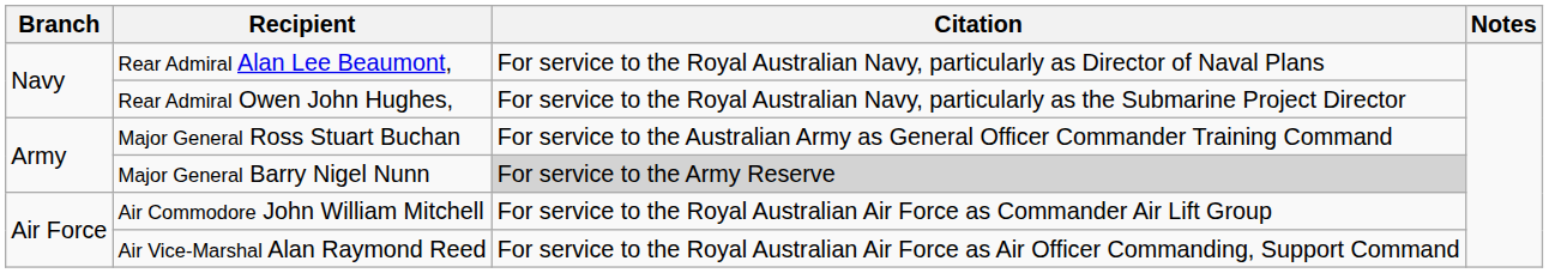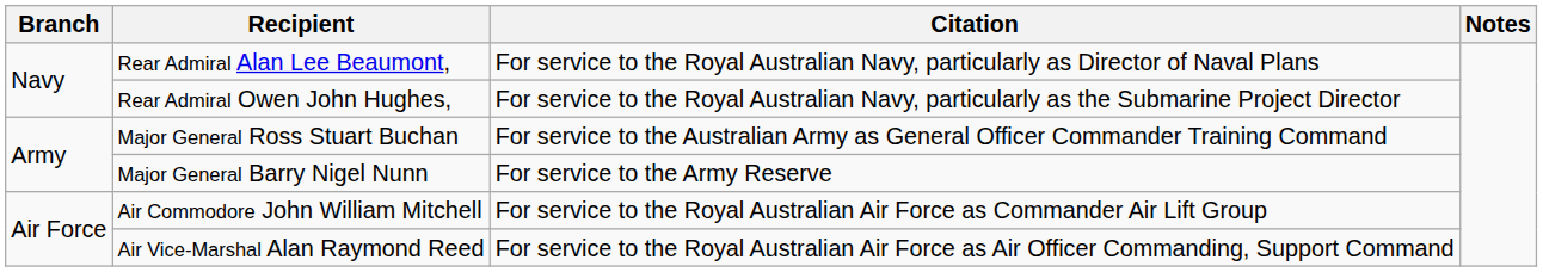 <table class="wikitable" style="font-size:95%;">
 <tr>
 <th>Branch</th>
 <th>Recipient</th>
 <th>Citation</th>
 <th>Notes</th>
 </tr>
 <tr>
 <td rowspan="2">Navy</td>
 <td><small>Rear Admiral</small> <a href='#'>Alan Lee Beaumont</a>, </td>
 <td>For service to the Royal Australian Navy, particularly as Director of Naval Plans</td>
 <td rowspan="6"></td>
 </tr>
 <tr>
 <td><small>Rear Admiral</small> Owen John Hughes, </td>
 <td>For service to the Royal Australian Navy, particularly as the Submarine Project Director</td>
 </tr>
 <tr>
 <td rowspan="2">Army</td>
 <td><small>Major General</small> Ross Stuart Buchan</td>
 <td>For service to the Australian Army as General Officer Commander Training Command</td>
 </tr>
 <tr>
 <td><small>Major General</small> Barry Nigel Nunn</td>
-<td style="background: lightgrey;">For service to the Army Reserve</td>
+<td>For service to the Army Reserve</td>
 </tr>
 <tr>
 <td rowspan="2">Air Force</td>
 <td><small>Air Commodore</small> John William Mitchell</td>
 <td>For service to the Royal Australian Air Force as Commander Air Lift Group</td>
 </tr>
 <tr>
 <td><small>Air Vice-Marshal</small> Alan Raymond Reed</td>
 <td>For service to the Royal Australian Air Force as Air Officer Commanding, Support Command</td>
 </tr>
 </table>
